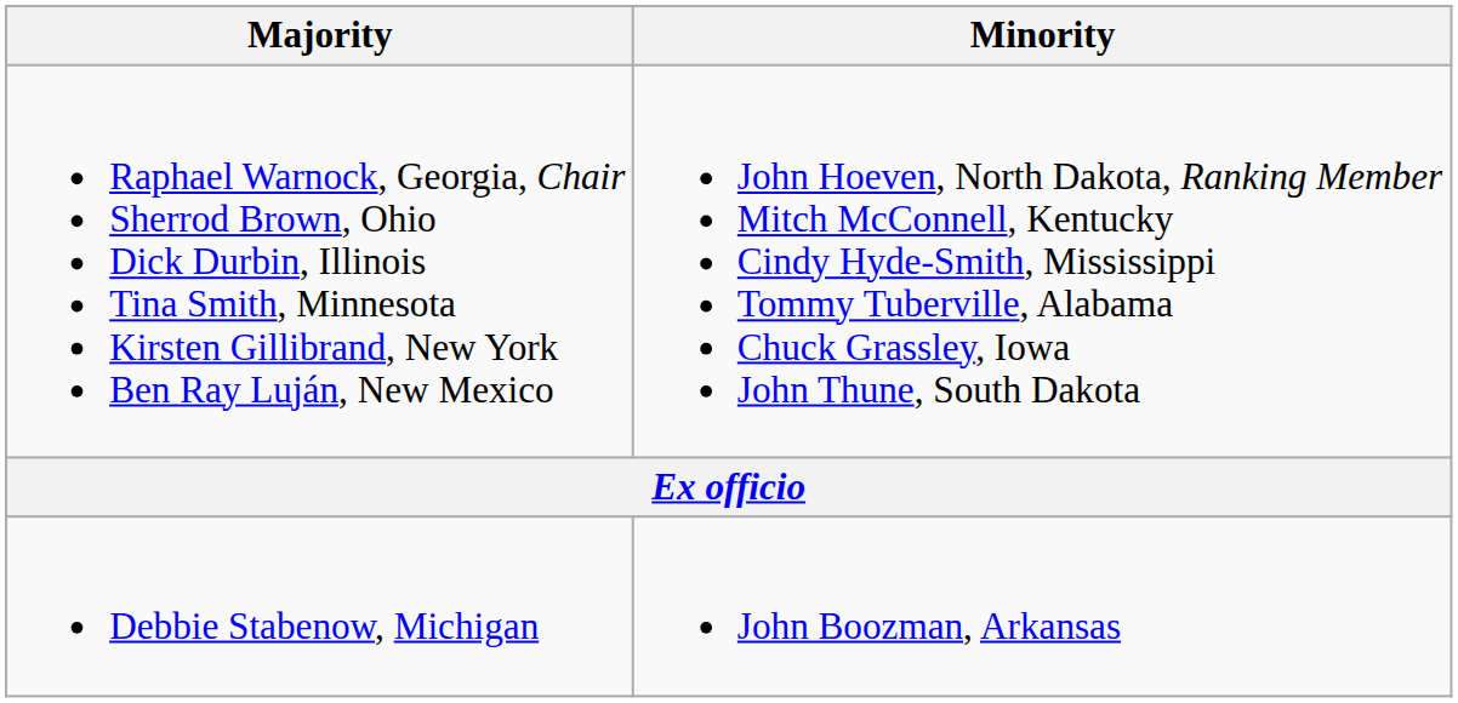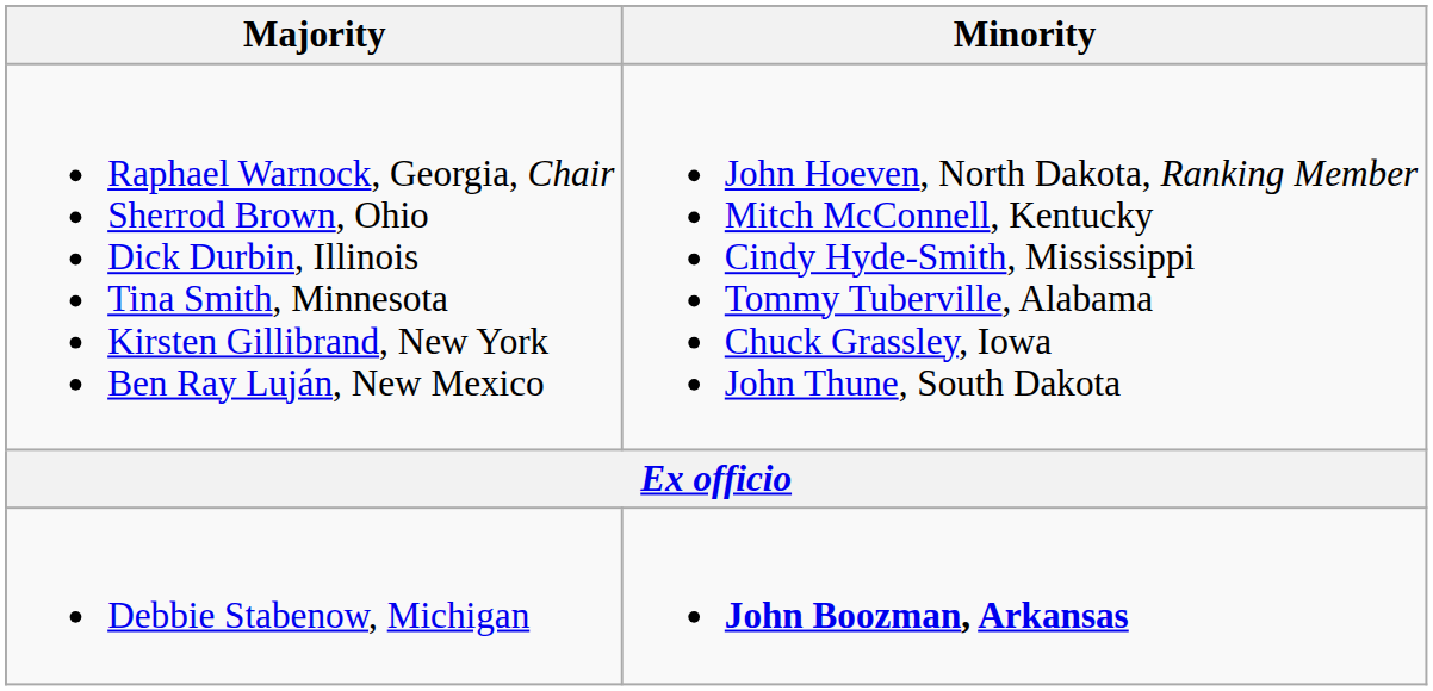 <table class=wikitable>
 <tr>
 <th>Majority</th>
 <th>Minority</th>
 </tr>
 <tr>
 <td><br><ul><li><a href='#'>Raphael Warnock</a>, Georgia, <em>Chair</em></li><li><a href='#'>Sherrod Brown</a>, Ohio</li><li><a href='#'>Dick Durbin</a>, Illinois</li><li><a href='#'>Tina Smith</a>, Minnesota</li><li><a href='#'>Kirsten Gillibrand</a>, New York</li><li><a href='#'>Ben Ray Luján</a>, New Mexico</li></ul></td>
 <td><br><ul><li><a href='#'>John Hoeven</a>, North Dakota, <em>Ranking Member</em></li><li><a href='#'>Mitch McConnell</a>, Kentucky</li><li><a href='#'>Cindy Hyde-Smith</a>, Mississippi</li><li><a href='#'>Tommy Tuberville</a>, Alabama</li><li><a href='#'>Chuck Grassley</a>, Iowa</li><li><a href='#'>John Thune</a>, South Dakota</li></ul></td>
 </tr>
 <tr>
 <th colspan=2><em><a href='#'>Ex officio</a></em></th>
 </tr>
 <tr>
 <td><br><ul><li><a href='#'>Debbie Stabenow</a>, <a href='#'>Michigan</a></li></ul></td>
-<td><br><ul><li><a href='#'>John Boozman</a>, <a href='#'>Arkansas</a></li></ul></td>
+<td><strong><br><ul><li><a href='#'>John Boozman</a>, <a href='#'>Arkansas</a></li></ul></strong></td>
 </tr>
 </table>
